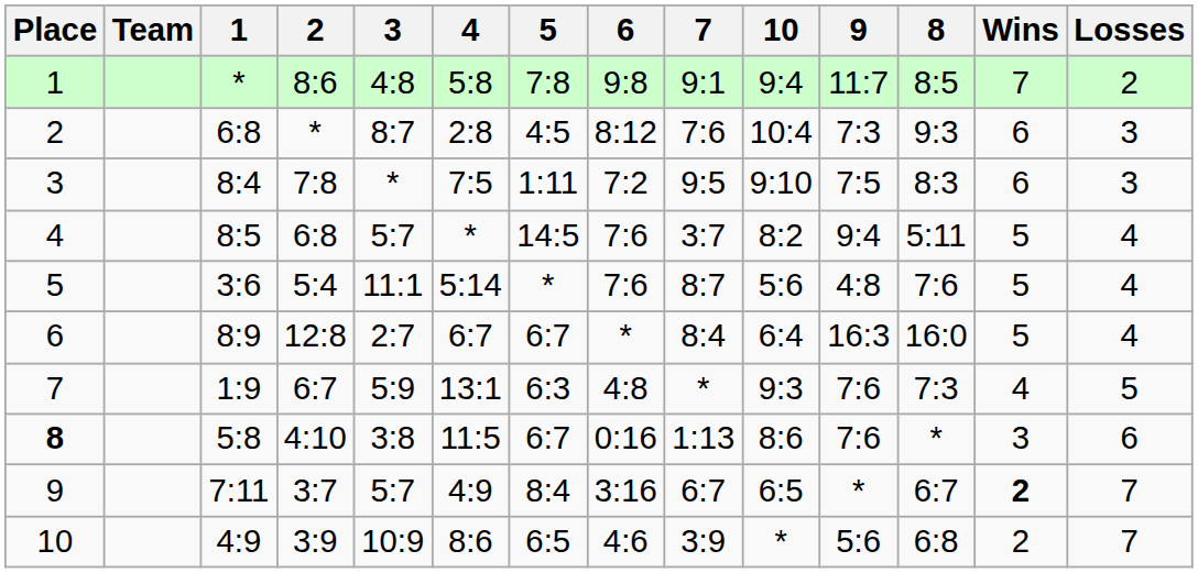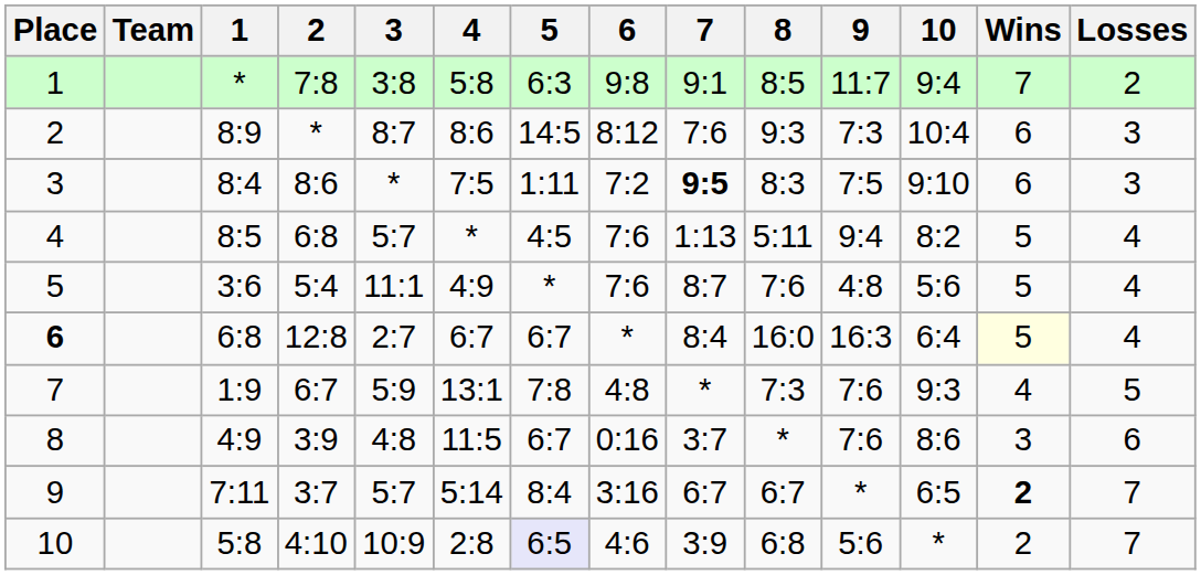 <table class="wikitable" style="text-align:center;">
 <tr>
 <th>Place</th>
 <th>Team</th>
 <th width="25">1</th>
 <th width="25">2</th>
 <th width="25">3</th>
 <th width="25">4</th>
 <th width="25">5</th>
 <th width="25">6</th>
 <th width="25">7</th>
+<th width="25">8</th>
+<th width="25">9</th>
 <th width="25">10</th>
-<th width="25">9</th>
-<th width="25">8</th>
 <th>Wins</th>
 <th>Losses</th>
 </tr>
 <tr bgcolor=#cfc>
 <td>1</td>
 <td align=left></td>
 <td>*</td>
-<td>8:6</td>
-<td>4:8</td>
+<td>7:8</td>
+<td>3:8</td>
 <td>5:8</td>
-<td>7:8</td>
+<td>6:3</td>
 <td>9:8</td>
 <td>9:1</td>
+<td>8:5</td>
+<td>11:7</td>
 <td>9:4</td>
-<td>11:7</td>
-<td>8:5</td>
 <td>7</td>
 <td>2</td>
 </tr>
 <tr>
 <td>2</td>
 <td align=left></td>
-<td>6:8</td>
+<td>8:9</td>
 <td>*</td>
 <td>8:7</td>
-<td>2:8</td>
-<td>4:5</td>
+<td>8:6</td>
+<td>14:5</td>
 <td>8:12</td>
 <td>7:6</td>
+<td>9:3</td>
+<td>7:3</td>
 <td>10:4</td>
-<td>7:3</td>
-<td>9:3</td>
 <td>6</td>
 <td>3</td>
 </tr>
 <tr>
 <td>3</td>
 <td align=left></td>
 <td>8:4</td>
-<td>7:8</td>
+<td>8:6</td>
 <td>*</td>
 <td>7:5</td>
 <td>1:11</td>
 <td>7:2</td>
-<td>9:5</td>
+<td><strong>9:5</strong></td>
+<td>8:3</td>
+<td>7:5</td>
 <td>9:10</td>
-<td>7:5</td>
-<td>8:3</td>
 <td>6</td>
 <td>3</td>
 </tr>
 <tr>
 <td>4</td>
 <td align=left></td>
 <td>8:5</td>
 <td>6:8</td>
 <td>5:7</td>
 <td>*</td>
-<td>14:5</td>
+<td>4:5</td>
 <td>7:6</td>
-<td>3:7</td>
+<td>1:13</td>
+<td>5:11</td>
+<td>9:4</td>
 <td>8:2</td>
-<td>9:4</td>
-<td>5:11</td>
 <td>5</td>
 <td>4</td>
 </tr>
 <tr>
 <td>5</td>
 <td align=left></td>
 <td>3:6</td>
 <td>5:4</td>
 <td>11:1</td>
-<td>5:14</td>
+<td>4:9</td>
 <td>*</td>
 <td>7:6</td>
 <td>8:7</td>
+<td>7:6</td>
+<td>4:8</td>
 <td>5:6</td>
-<td>4:8</td>
-<td>7:6</td>
 <td>5</td>
 <td>4</td>
 </tr>
 <tr>
-<td>6</td>
+<td><strong>6</strong></td>
 <td align=left></td>
-<td>8:9</td>
+<td>6:8</td>
 <td>12:8</td>
 <td>2:7</td>
 <td>6:7</td>
 <td>6:7</td>
 <td>*</td>
 <td>8:4</td>
+<td>16:0</td>
+<td>16:3</td>
 <td>6:4</td>
-<td>16:3</td>
-<td>16:0</td>
-<td>5</td>
+<td style="background: lightyellow;">5</td>
 <td>4</td>
 </tr>
 <tr>
 <td>7</td>
 <td align=left></td>
 <td>1:9</td>
 <td>6:7</td>
 <td>5:9</td>
 <td>13:1</td>
-<td>6:3</td>
+<td>7:8</td>
 <td>4:8</td>
 <td>*</td>
+<td>7:3</td>
+<td>7:6</td>
 <td>9:3</td>
-<td>7:6</td>
-<td>7:3</td>
 <td>4</td>
 <td>5</td>
 </tr>
 <tr>
-<td><strong>8</strong></td>
+<td>8</td>
 <td align=left></td>
-<td>5:8</td>
-<td>4:10</td>
-<td>3:8</td>
+<td>4:9</td>
+<td>3:9</td>
+<td>4:8</td>
 <td>11:5</td>
 <td>6:7</td>
 <td>0:16</td>
-<td>1:13</td>
+<td>3:7</td>
+<td>*</td>
+<td>7:6</td>
 <td>8:6</td>
-<td>7:6</td>
-<td>*</td>
 <td>3</td>
 <td>6</td>
 </tr>
 <tr>
 <td>9</td>
 <td align=left></td>
 <td>7:11</td>
 <td>3:7</td>
 <td>5:7</td>
-<td>4:9</td>
+<td>5:14</td>
 <td>8:4</td>
 <td>3:16</td>
 <td>6:7</td>
+<td>6:7</td>
+<td>*</td>
 <td>6:5</td>
-<td>*</td>
-<td>6:7</td>
 <td><strong>2</strong></td>
 <td>7</td>
 </tr>
 <tr>
 <td>10</td>
 <td align=left></td>
-<td>4:9</td>
-<td>3:9</td>
+<td>5:8</td>
+<td>4:10</td>
 <td>10:9</td>
-<td>8:6</td>
-<td>6:5</td>
+<td>2:8</td>
+<td style="background: lavender;">6:5</td>
 <td>4:6</td>
 <td>3:9</td>
+<td>6:8</td>
+<td>5:6</td>
 <td>*</td>
-<td>5:6</td>
-<td>6:8</td>
 <td>2</td>
 <td>7</td>
 </tr>
 </table>
